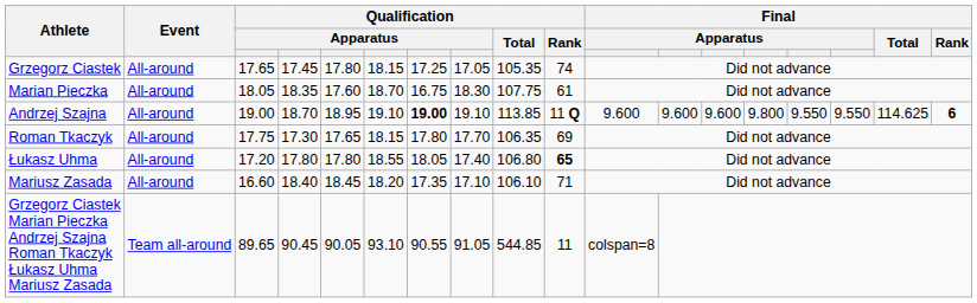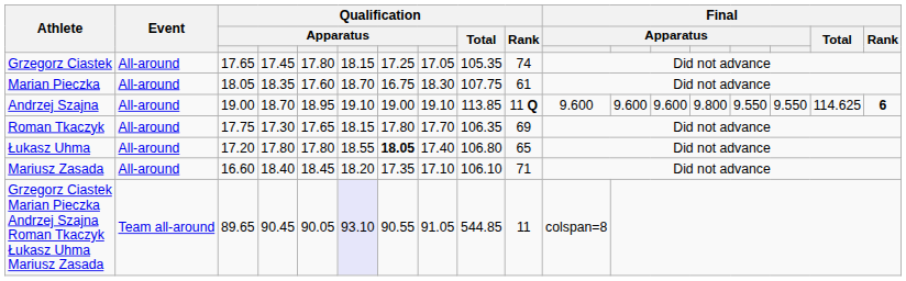 <table class="wikitable" style="font-size:90%">
 <tr>
 <th rowspan=3>Athlete</th>
 <th rowspan=3>Event</th>
 <th colspan =8>Qualification</th>
 <th colspan =8>Final</th>
 </tr>
 <tr style="font-size:95%">
 <th colspan=6>Apparatus</th>
 <th rowspan=2>Total</th>
 <th rowspan=2>Rank</th>
 <th colspan=6>Apparatus</th>
 <th rowspan=2>Total</th>
 <th rowspan=2>Rank</th>
 </tr>
 <tr style="font-size:95%">
 <th></th>
 <th></th>
 <th></th>
 <th></th>
 <th></th>
 <th></th>
 <th></th>
 <th></th>
 <th></th>
 <th></th>
 <th></th>
 <th></th>
 </tr>
 <tr align=center>
 <td align=left><a href='#'>Grzegorz Ciastek</a></td>
 <td align=left><a href='#'>All-around</a></td>
 <td>17.65</td>
 <td>17.45</td>
 <td>17.80</td>
 <td>18.15</td>
 <td>17.25</td>
 <td>17.05</td>
 <td>105.35</td>
 <td>74</td>
 <td colspan=8>Did not advance</td>
 </tr>
 <tr align=center>
 <td align=left><a href='#'>Marian Pieczka</a></td>
 <td align=left><a href='#'>All-around</a></td>
 <td>18.05</td>
 <td>18.35</td>
 <td>17.60</td>
 <td>18.70</td>
 <td>16.75</td>
 <td>18.30</td>
 <td>107.75</td>
 <td>61</td>
 <td colspan=8>Did not advance</td>
 </tr>
 <tr align=center>
 <td align=left><a href='#'>Andrzej Szajna</a></td>
 <td align=left><a href='#'>All-around</a></td>
 <td>19.00</td>
 <td>18.70</td>
 <td>18.95</td>
 <td>19.10</td>
-<td><strong>19.00</strong></td>
+<td>19.00</td>
 <td>19.10</td>
 <td>113.85</td>
 <td>11 <strong>Q</strong></td>
 <td>9.600</td>
 <td>9.600</td>
 <td>9.600</td>
 <td>9.800</td>
 <td>9.550</td>
 <td>9.550</td>
 <td>114.625</td>
 <td><strong>6</strong></td>
 </tr>
 <tr align=center>
 <td align=left><a href='#'>Roman Tkaczyk</a></td>
 <td align=left><a href='#'>All-around</a></td>
 <td>17.75</td>
 <td>17.30</td>
 <td>17.65</td>
 <td>18.15</td>
 <td>17.80</td>
 <td>17.70</td>
 <td>106.35</td>
 <td>69</td>
 <td colspan=8>Did not advance</td>
 </tr>
 <tr align=center>
 <td align=left><a href='#'>Łukasz Uhma</a></td>
 <td align=left><a href='#'>All-around</a></td>
 <td>17.20</td>
 <td>17.80</td>
 <td>17.80</td>
 <td>18.55</td>
-<td>18.05</td>
+<td><strong>18.05</strong></td>
 <td>17.40</td>
 <td>106.80</td>
-<td><strong>65</strong></td>
+<td>65</td>
 <td colspan=8>Did not advance</td>
 </tr>
 <tr align=center>
 <td align=left><a href='#'>Mariusz Zasada</a></td>
 <td align=left><a href='#'>All-around</a></td>
 <td>16.60</td>
 <td>18.40</td>
 <td>18.45</td>
 <td>18.20</td>
 <td>17.35</td>
 <td>17.10</td>
 <td>106.10</td>
 <td>71</td>
 <td colspan=8>Did not advance</td>
 </tr>
 <tr align=center>
 <td align=left><a href='#'>Grzegorz Ciastek</a><br><a href='#'>Marian Pieczka</a><br><a href='#'>Andrzej Szajna</a><br><a href='#'>Roman Tkaczyk</a><br><a href='#'>Łukasz Uhma</a><br><a href='#'>Mariusz Zasada</a></td>
 <td align=left><a href='#'>Team all-around</a></td>
 <td>89.65</td>
 <td>90.45</td>
 <td>90.05</td>
-<td>93.10</td>
+<td style="background: lavender;">93.10</td>
 <td>90.55</td>
 <td>91.05</td>
 <td>544.85</td>
 <td>11</td>
 <td>colspan=8 </td>
 </tr>
 </table>
